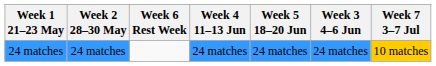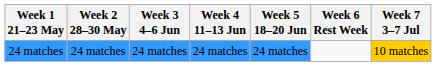 <table class="wikitable" style="margin:0.9em auto; font-size:90%; line-height:1.25em;">
 <tr>
 <th>Week 1<br>21–23 May</th>
 <th>Week 2<br>28–30 May</th>
-<th>Week 6<br>Rest Week</th>
+<th>Week 3<br>4–6 Jun</th>
 <th>Week 4<br>11–13 Jun</th>
 <th>Week 5<br>18–20 Jun</th>
-<th>Week 3<br>4–6 Jun</th>
+<th>Week 6<br>Rest Week</th>
 <th>Week 7<br>3–7 Jul</th>
 </tr>
 <tr align="center">
 <td bgcolor=#3399ff>24 matches</td>
 <td bgcolor=#3399ff>24 matches</td>
-<td></td>
 <td bgcolor=#3399ff>24 matches</td>
 <td bgcolor=#3399ff>24 matches</td>
 <td bgcolor=#3399ff>24 matches</td>
+<td></td>
 <td bgcolor=#ffcc00>10 matches</td>
 </tr>
 </table>
